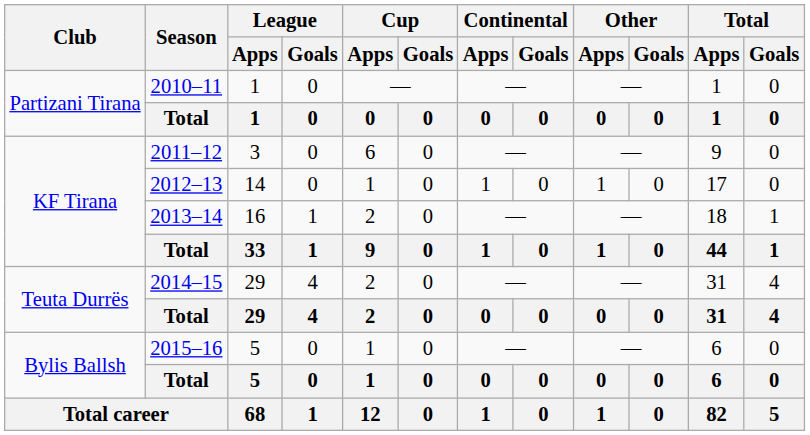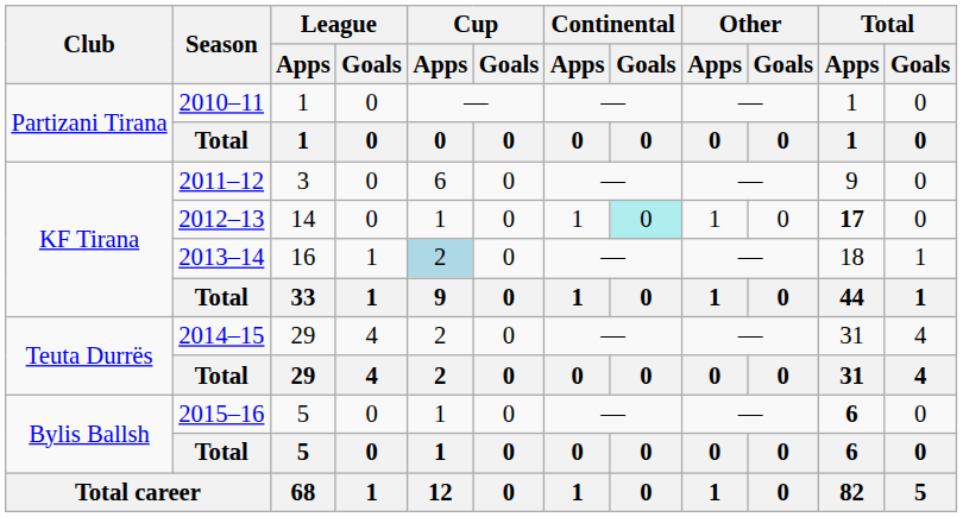 <table class="wikitable" style="text-align: center;">
 <tr>
 <th rowspan="2">Club</th>
 <th rowspan="2">Season</th>
 <th colspan="2">League</th>
 <th colspan="2">Cup</th>
 <th colspan="2">Continental</th>
 <th colspan="2">Other</th>
 <th colspan="2">Total</th>
 </tr>
 <tr>
 <th>Apps</th>
 <th>Goals</th>
 <th>Apps</th>
 <th>Goals</th>
 <th>Apps</th>
 <th>Goals</th>
 <th>Apps</th>
 <th>Goals</th>
 <th>Apps</th>
 <th>Goals</th>
 </tr>
 <tr>
 <td rowspan="2" valign="center"><a href='#'>Partizani Tirana</a></td>
 <td><a href='#'>2010–11</a></td>
 <td>1</td>
 <td>0</td>
 <td colspan="2">—</td>
 <td colspan="2">—</td>
 <td colspan="2">—</td>
 <td>1</td>
 <td>0</td>
 </tr>
 <tr>
 <th>Total</th>
 <th>1</th>
 <th>0</th>
 <th>0</th>
 <th>0</th>
 <th>0</th>
 <th>0</th>
 <th>0</th>
 <th>0</th>
 <th>1</th>
 <th>0</th>
 </tr>
 <tr>
 <td rowspan="4" valign="center"><a href='#'>KF Tirana</a></td>
 <td><a href='#'>2011–12</a></td>
 <td>3</td>
 <td>0</td>
 <td>6</td>
 <td>0</td>
 <td colspan="2">—</td>
 <td colspan="2">—</td>
 <td>9</td>
 <td>0</td>
 </tr>
 <tr>
 <td><a href='#'>2012–13</a></td>
 <td>14</td>
 <td>0</td>
 <td>1</td>
 <td>0</td>
 <td>1</td>
-<td>0</td>
+<td style="background: paleturquoise;">0</td>
 <td>1</td>
 <td>0</td>
-<td>17</td>
+<td><strong>17</strong></td>
 <td>0</td>
 </tr>
 <tr>
 <td><a href='#'>2013–14</a></td>
 <td>16</td>
 <td>1</td>
-<td>2</td>
+<td style="background: lightblue;">2</td>
 <td>0</td>
 <td colspan="2">—</td>
 <td colspan="2">—</td>
 <td>18</td>
 <td>1</td>
 </tr>
 <tr>
 <th>Total</th>
 <th>33</th>
 <th>1</th>
 <th>9</th>
 <th>0</th>
 <th>1</th>
 <th>0</th>
 <th>1</th>
 <th>0</th>
 <th>44</th>
 <th>1</th>
 </tr>
 <tr>
 <td rowspan="2" valign="center"><a href='#'>Teuta Durrës</a></td>
 <td><a href='#'>2014–15</a></td>
 <td>29</td>
 <td>4</td>
 <td>2</td>
 <td>0</td>
 <td colspan="2">—</td>
 <td colspan="2">—</td>
 <td>31</td>
 <td>4</td>
 </tr>
 <tr>
 <th>Total</th>
 <th>29</th>
 <th>4</th>
 <th>2</th>
 <th>0</th>
 <th>0</th>
 <th>0</th>
 <th>0</th>
 <th>0</th>
 <th>31</th>
 <th>4</th>
 </tr>
 <tr>
 <td rowspan="2" valign="center"><a href='#'>Bylis Ballsh</a></td>
 <td><a href='#'>2015–16</a></td>
 <td>5</td>
 <td>0</td>
 <td>1</td>
 <td>0</td>
 <td colspan="2">—</td>
 <td colspan="2">—</td>
-<td>6</td>
+<td><strong>6</strong></td>
 <td>0</td>
 </tr>
 <tr>
 <th>Total</th>
 <th>5</th>
 <th>0</th>
 <th>1</th>
 <th>0</th>
 <th>0</th>
 <th>0</th>
 <th>0</th>
 <th>0</th>
 <th>6</th>
 <th>0</th>
 </tr>
 <tr>
 <th colspan="2">Total career</th>
 <th>68</th>
 <th>1</th>
 <th>12</th>
 <th>0</th>
 <th>1</th>
 <th>0</th>
 <th>1</th>
 <th>0</th>
 <th>82</th>
 <th>5</th>
 </tr>
 </table>
